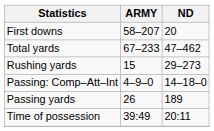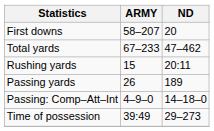 <table class="wikitable" style="float: left;">
 <tr>
 <th>Statistics</th>
 <th>ARMY</th>
 <th>ND</th>
 </tr>
 <tr>
 <td>First downs</td>
 <td>58–207</td>
 <td>20</td>
 </tr>
 <tr>
 <td>Total yards</td>
 <td>67–233</td>
 <td>47–462</td>
 </tr>
 <tr>
 <td>Rushing yards</td>
 <td>15</td>
-<td>29–273</td>
+<td>20:11</td>
+</tr>
+<tr>
+<td>Passing yards</td>
+<td>26</td>
+<td>189</td>
 </tr>
 <tr>
 <td>Passing: Comp–Att–Int</td>
 <td>4–9–0</td>
 <td>14–18–0</td>
 </tr>
 <tr>
-<td>Passing yards</td>
-<td>26</td>
-<td>189</td>
-</tr>
-<tr>
 <td>Time of possession</td>
 <td>39:49</td>
-<td>20:11</td>
+<td>29–273</td>
 </tr>
 <tr>
 </tr>
 </table>
